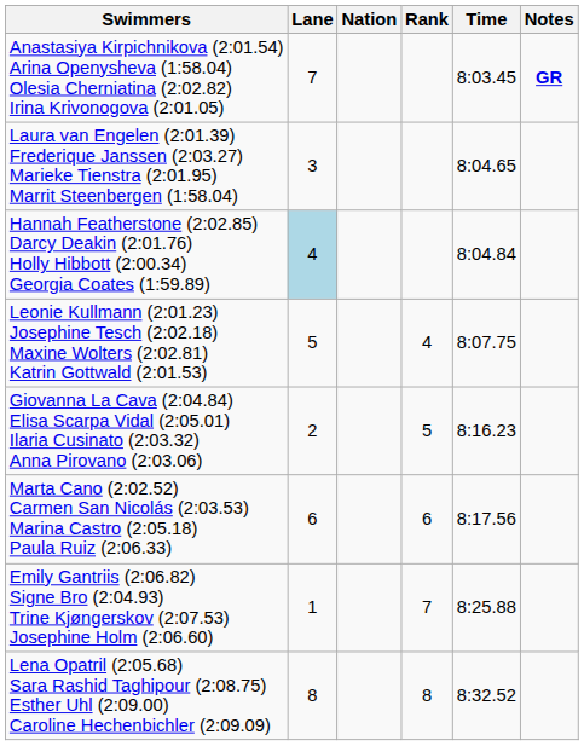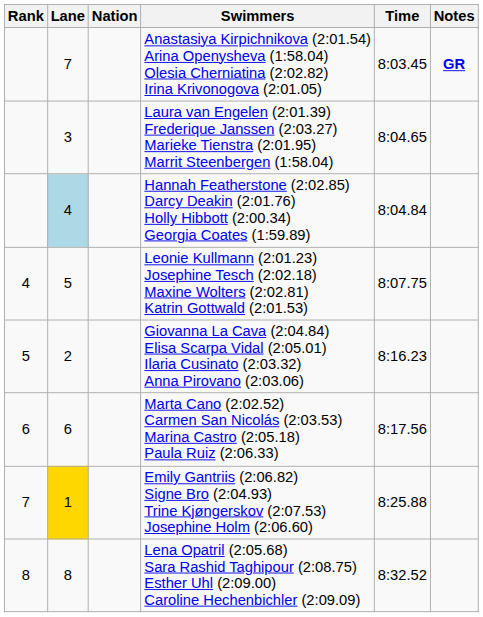 <table class="wikitable sortable" style="text-align:center">
 <tr>
-<th>Swimmers</th>
+<th>Rank</th>
 <th>Lane</th>
 <th>Nation</th>
-<th>Rank</th>
+<th>Swimmers</th>
 <th>Time</th>
 <th>Notes</th>
 </tr>
 <tr>
-<td align=left><a href='#'>Anastasiya Kirpichnikova</a> (2:01.54)<br><a href='#'>Arina Openysheva</a> (1:58.04)<br><a href='#'>Olesia Cherniatina</a> (2:02.82)<br><a href='#'>Irina Krivonogova</a> (2:01.05)</td>
+<td></td>
 <td>7</td>
 <td align=left></td>
-<td></td>
+<td align=left><a href='#'>Anastasiya Kirpichnikova</a> (2:01.54)<br><a href='#'>Arina Openysheva</a> (1:58.04)<br><a href='#'>Olesia Cherniatina</a> (2:02.82)<br><a href='#'>Irina Krivonogova</a> (2:01.05)</td>
 <td>8:03.45</td>
 <td><a href='#'><strong>GR</strong></a></td>
 </tr>
 <tr>
-<td align=left><a href='#'>Laura van Engelen</a> (2:01.39)<br><a href='#'>Frederique Janssen</a> (2:03.27)<br><a href='#'>Marieke Tienstra</a> (2:01.95)<br><a href='#'>Marrit Steenbergen</a> (1:58.04)</td>
+<td></td>
 <td>3</td>
 <td align=left></td>
-<td></td>
+<td align=left><a href='#'>Laura van Engelen</a> (2:01.39)<br><a href='#'>Frederique Janssen</a> (2:03.27)<br><a href='#'>Marieke Tienstra</a> (2:01.95)<br><a href='#'>Marrit Steenbergen</a> (1:58.04)</td>
 <td>8:04.65</td>
 <td></td>
 </tr>
 <tr>
-<td align=left><a href='#'>Hannah Featherstone</a> (2:02.85)<br><a href='#'>Darcy Deakin</a> (2:01.76)<br><a href='#'>Holly Hibbott</a> (2:00.34)<br><a href='#'>Georgia Coates</a> (1:59.89)</td>
+<td></td>
 <td style="background: lightblue;">4</td>
 <td align=left></td>
-<td></td>
+<td align=left><a href='#'>Hannah Featherstone</a> (2:02.85)<br><a href='#'>Darcy Deakin</a> (2:01.76)<br><a href='#'>Holly Hibbott</a> (2:00.34)<br><a href='#'>Georgia Coates</a> (1:59.89)</td>
 <td>8:04.84</td>
 <td></td>
 </tr>
 <tr>
-<td align= left><a href='#'>Leonie Kullmann</a> (2:01.23)<br><a href='#'>Josephine Tesch</a> (2:02.18)<br><a href='#'>Maxine Wolters</a> (2:02.81)<br><a href='#'>Katrin Gottwald</a> (2:01.53)</td>
+<td>4</td>
 <td>5</td>
 <td align=left></td>
-<td>4</td>
+<td align= left><a href='#'>Leonie Kullmann</a> (2:01.23)<br><a href='#'>Josephine Tesch</a> (2:02.18)<br><a href='#'>Maxine Wolters</a> (2:02.81)<br><a href='#'>Katrin Gottwald</a> (2:01.53)</td>
 <td>8:07.75</td>
 <td></td>
 </tr>
 <tr>
-<td align=left><a href='#'>Giovanna La Cava</a> (2:04.84)<br><a href='#'>Elisa Scarpa Vidal</a> (2:05.01)<br><a href='#'>Ilaria Cusinato</a> (2:03.32)<br><a href='#'>Anna Pirovano</a> (2:03.06)</td>
+<td>5</td>
 <td>2</td>
 <td align=left></td>
-<td>5</td>
+<td align=left><a href='#'>Giovanna La Cava</a> (2:04.84)<br><a href='#'>Elisa Scarpa Vidal</a> (2:05.01)<br><a href='#'>Ilaria Cusinato</a> (2:03.32)<br><a href='#'>Anna Pirovano</a> (2:03.06)</td>
 <td>8:16.23</td>
 <td></td>
 </tr>
 <tr>
-<td align=left><a href='#'>Marta Cano</a> (2:02.52)<br><a href='#'>Carmen San Nicolás</a> (2:03.53)<br><a href='#'>Marina Castro</a> (2:05.18)<br><a href='#'>Paula Ruiz</a> (2:06.33)</td>
+<td>6</td>
 <td>6</td>
 <td align=left></td>
-<td>6</td>
+<td align=left><a href='#'>Marta Cano</a> (2:02.52)<br><a href='#'>Carmen San Nicolás</a> (2:03.53)<br><a href='#'>Marina Castro</a> (2:05.18)<br><a href='#'>Paula Ruiz</a> (2:06.33)</td>
 <td>8:17.56</td>
 <td></td>
 </tr>
 <tr>
+<td>7</td>
+<td style="background: gold;">1</td>
+<td align=left></td>
 <td align=left><a href='#'>Emily Gantriis</a> (2:06.82)<br><a href='#'>Signe Bro</a> (2:04.93)<br><a href='#'>Trine Kjøngerskov</a> (2:07.53)<br><a href='#'>Josephine Holm</a> (2:06.60)</td>
-<td>1</td>
-<td align=left></td>
-<td>7</td>
 <td>8:25.88</td>
 <td></td>
 </tr>
 <tr>
-<td align= left><a href='#'>Lena Opatril</a> (2:05.68)<br><a href='#'>Sara Rashid Taghipour</a> (2:08.75)<br><a href='#'>Esther Uhl</a> (2:09.00)<br><a href='#'>Caroline Hechenbichler</a> (2:09.09)</td>
+<td>8</td>
 <td>8</td>
 <td align=left></td>
-<td>8</td>
+<td align= left><a href='#'>Lena Opatril</a> (2:05.68)<br><a href='#'>Sara Rashid Taghipour</a> (2:08.75)<br><a href='#'>Esther Uhl</a> (2:09.00)<br><a href='#'>Caroline Hechenbichler</a> (2:09.09)</td>
 <td>8:32.52</td>
 <td></td>
 </tr>
 </table>
